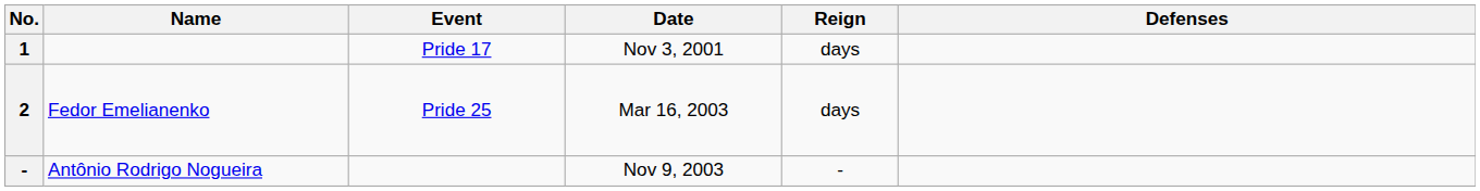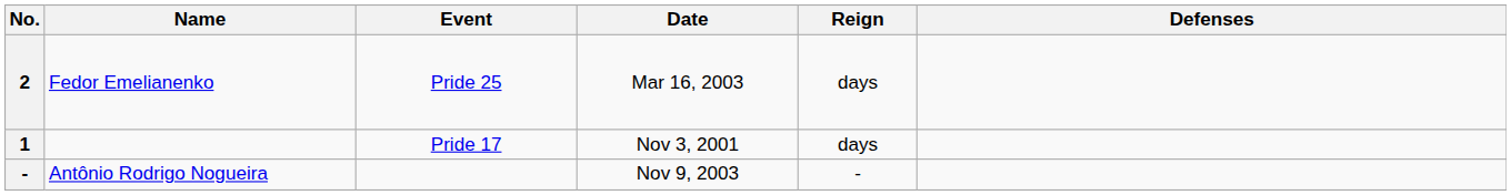 <table class="wikitable" width=100%>
 <tr>
 <th width=1%>No.</th>
 <th width=21%>Name</th>
 <th width=15%>Event</th>
 <th width=15%>Date</th>
 <th width=8%>Reign</th>
 <th width=48%>Defenses</th>
 </tr>
 <tr>
+<th>2</th>
+<td align=left> <a href='#'>Fedor Emelianenko</a></td>
+<td align=center><a href='#'>Pride 25</a> <br></td>
+<td align=center>Mar 16, 2003</td>
+<td align=center> days</td>
+<td><br><br> <br> <br> </td>
+</tr>
+<tr>
 <th>1</th>
 <td align=left><br></td>
 <td align=center><a href='#'>Pride 17</a> <br></td>
 <td align=center>Nov 3, 2001</td>
 <td align=center> days</td>
 <td></td>
-</tr>
-<tr>
-<th>2</th>
-<td align=left> <a href='#'>Fedor Emelianenko</a></td>
-<td align=center><a href='#'>Pride 25</a> <br></td>
-<td align=center>Mar 16, 2003</td>
-<td align=center> days</td>
-<td><br><br> <br> <br> </td>
 </tr>
 <tr>
 <th>-</th>
 <td align=left> <a href='#'>Antônio Rodrigo Nogueira</a><br></td>
 <td align=center><br></td>
 <td align=center>Nov 9, 2003</td>
 <td align=center>-</td>
 <td></td>
 </tr>
 </table>
